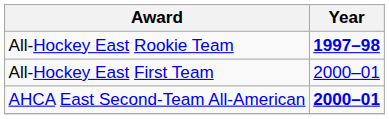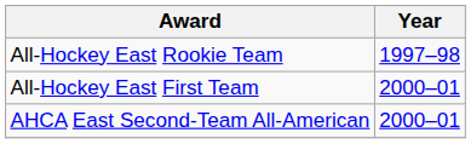 <table class="wikitable">
 <tr>
 <th>Award</th>
 <th>Year</th>
 </tr>
 <tr>
 <td>All-<a href='#'>Hockey East</a> <a href='#'>Rookie Team</a></td>
-<td><strong><a href='#'>1997–98</a></strong></td>
+<td><a href='#'>1997–98</a></td>
 </tr>
 <tr>
 <td>All-<a href='#'>Hockey East</a> <a href='#'>First Team</a></td>
 <td><a href='#'>2000–01</a></td>
 </tr>
 <tr>
 <td><a href='#'>AHCA</a> <a href='#'>East Second-Team All-American</a></td>
-<td><strong><a href='#'>2000–01</a></strong></td>
+<td><a href='#'>2000–01</a></td>
 </tr>
 <tr>
 </tr>
 </table>
